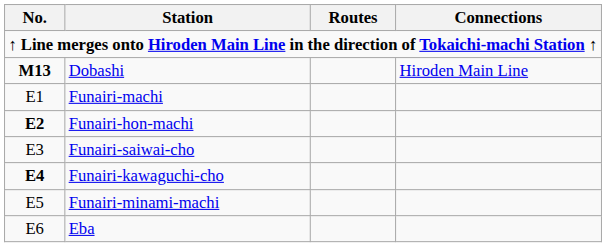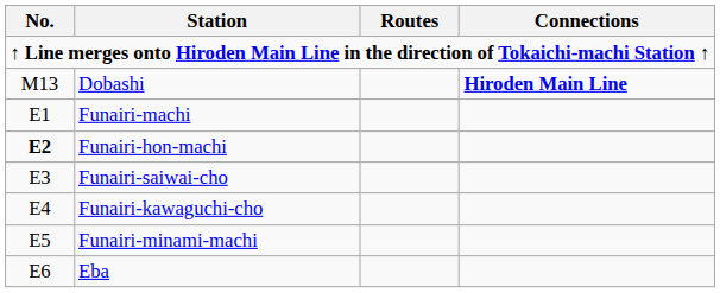 <table class="wikitable">
 <tr>
 <th scope="col">No.</th>
 <th scope="col">Station</th>
 <th scope="col">Routes</th>
 <th scope="col">Connections</th>
 </tr>
 <tr>
 <td colspan="4" align="center">↑ <strong>Line merges onto <a href='#'>Hiroden Main Line</a> in the direction of <a href='#'>Tokaichi-machi Station</a></strong> ↑</td>
 </tr>
 <tr align=center>
-<td><strong>M13</strong></td>
+<td>M13</td>
 <td align="left"><a href='#'>Dobashi</a></td>
 <td>    </td>
-<td align="left"> <a href='#'>Hiroden Main Line</a></td>
+<td align="left"><strong> <a href='#'>Hiroden Main Line</a></strong></td>
 </tr>
 <tr align=center>
 <td>E1</td>
 <td align="left"><a href='#'>Funairi-machi</a></td>
 <td>  </td>
 <td></td>
 </tr>
 <tr align=center>
 <td><strong>E2</strong></td>
 <td align="left"><a href='#'>Funairi-hon-machi</a></td>
 <td>  </td>
 <td></td>
 </tr>
 <tr align=center>
 <td>E3</td>
 <td align="left"><a href='#'>Funairi-saiwai-cho</a></td>
 <td>  </td>
 <td></td>
 </tr>
 <tr align=center>
-<td><strong>E4</strong></td>
+<td>E4</td>
 <td align="left"><a href='#'>Funairi-kawaguchi-cho</a></td>
 <td>  </td>
 <td></td>
 </tr>
 <tr align=center>
 <td>E5</td>
 <td align="left"><a href='#'>Funairi-minami-machi</a></td>
 <td>  </td>
 <td></td>
 </tr>
 <tr align=center>
 <td>E6</td>
 <td align="left"><a href='#'>Eba</a></td>
 <td>  </td>
 <td></td>
 </tr>
 </table>
